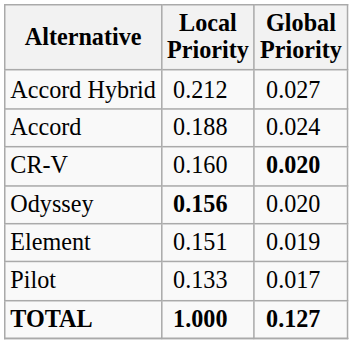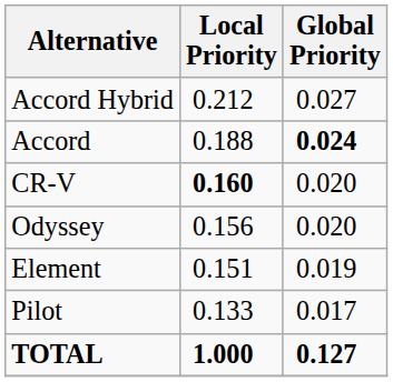 <table class="wikitable" | align="center">
 <tr>
 <th>Alternative</th>
 <th>Local<br>Priority</th>
 <th>Global<br>Priority</th>
 </tr>
 <tr>
 <td>Accord Hybrid</td>
 <td> 0.212</td>
 <td> 0.027</td>
 </tr>
 <tr>
 <td>Accord</td>
 <td> 0.188</td>
-<td> 0.024</td>
+<td><strong> 0.024</strong></td>
 </tr>
 <tr>
 <td>CR-V</td>
-<td> 0.160</td>
-<td><strong> 0.020</strong></td>
+<td><strong> 0.160</strong></td>
+<td> 0.020</td>
 </tr>
 <tr>
 <td>Odyssey</td>
-<td><strong> 0.156</strong></td>
+<td> 0.156</td>
 <td> 0.020</td>
 </tr>
 <tr>
 <td>Element</td>
 <td> 0.151</td>
 <td> 0.019</td>
 </tr>
 <tr>
 <td>Pilot</td>
 <td> 0.133</td>
 <td> 0.017</td>
 </tr>
 <tr>
 <td><strong>TOTAL</strong></td>
 <td><strong> 1.000</strong></td>
 <td><strong> 0.127</strong></td>
 </tr>
 <tr>
 </tr>
 </table>
